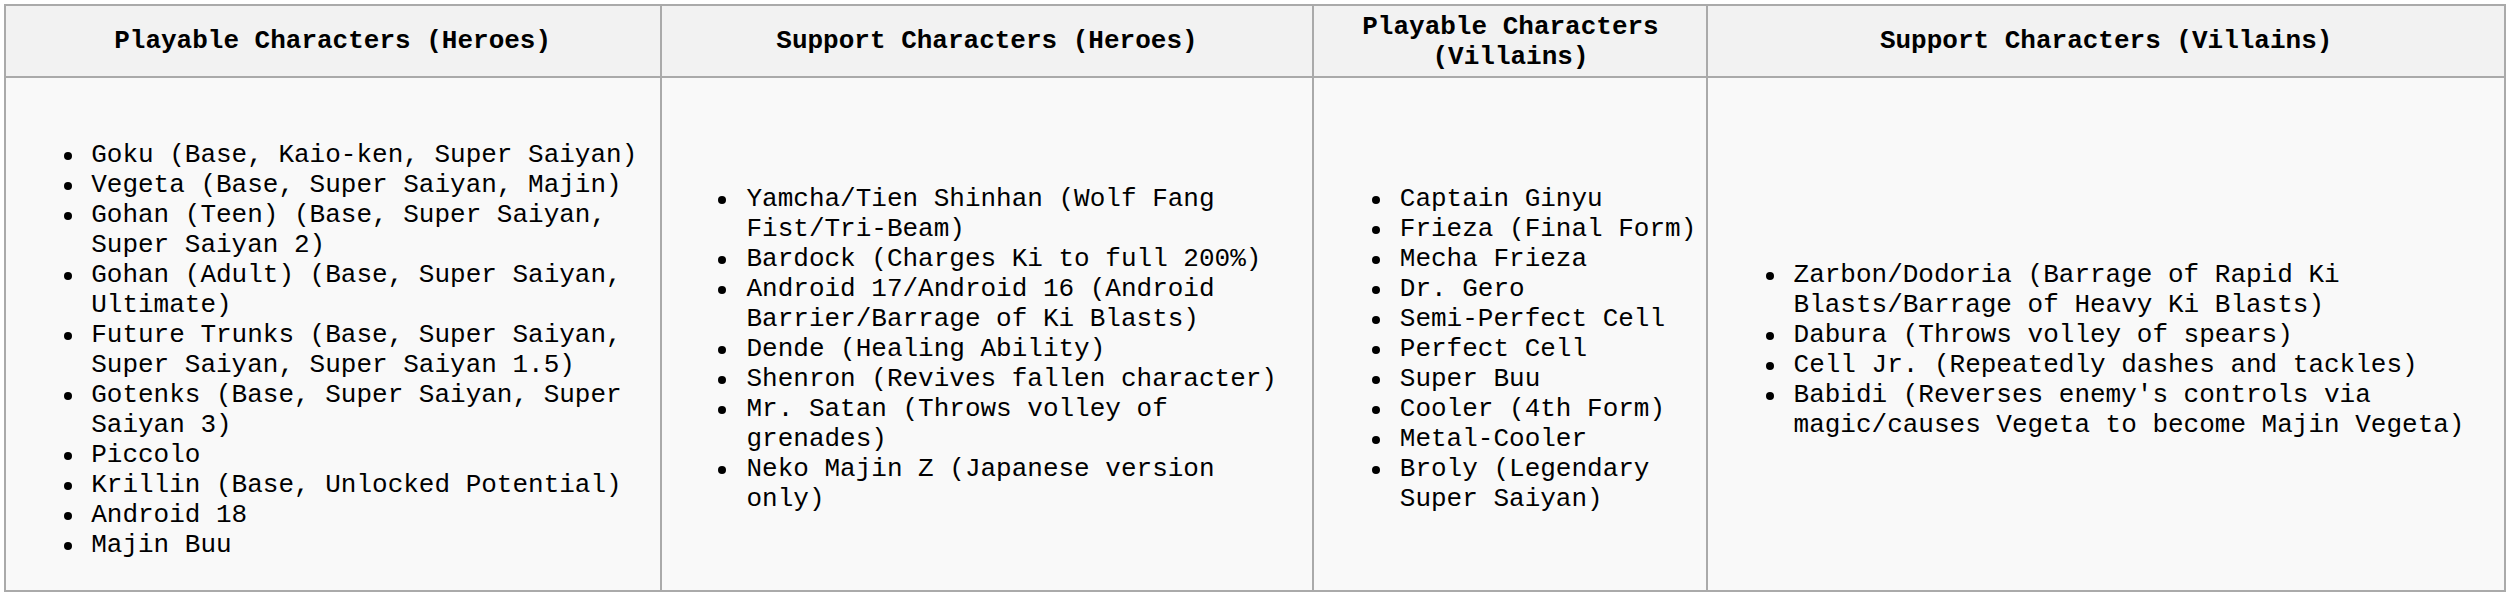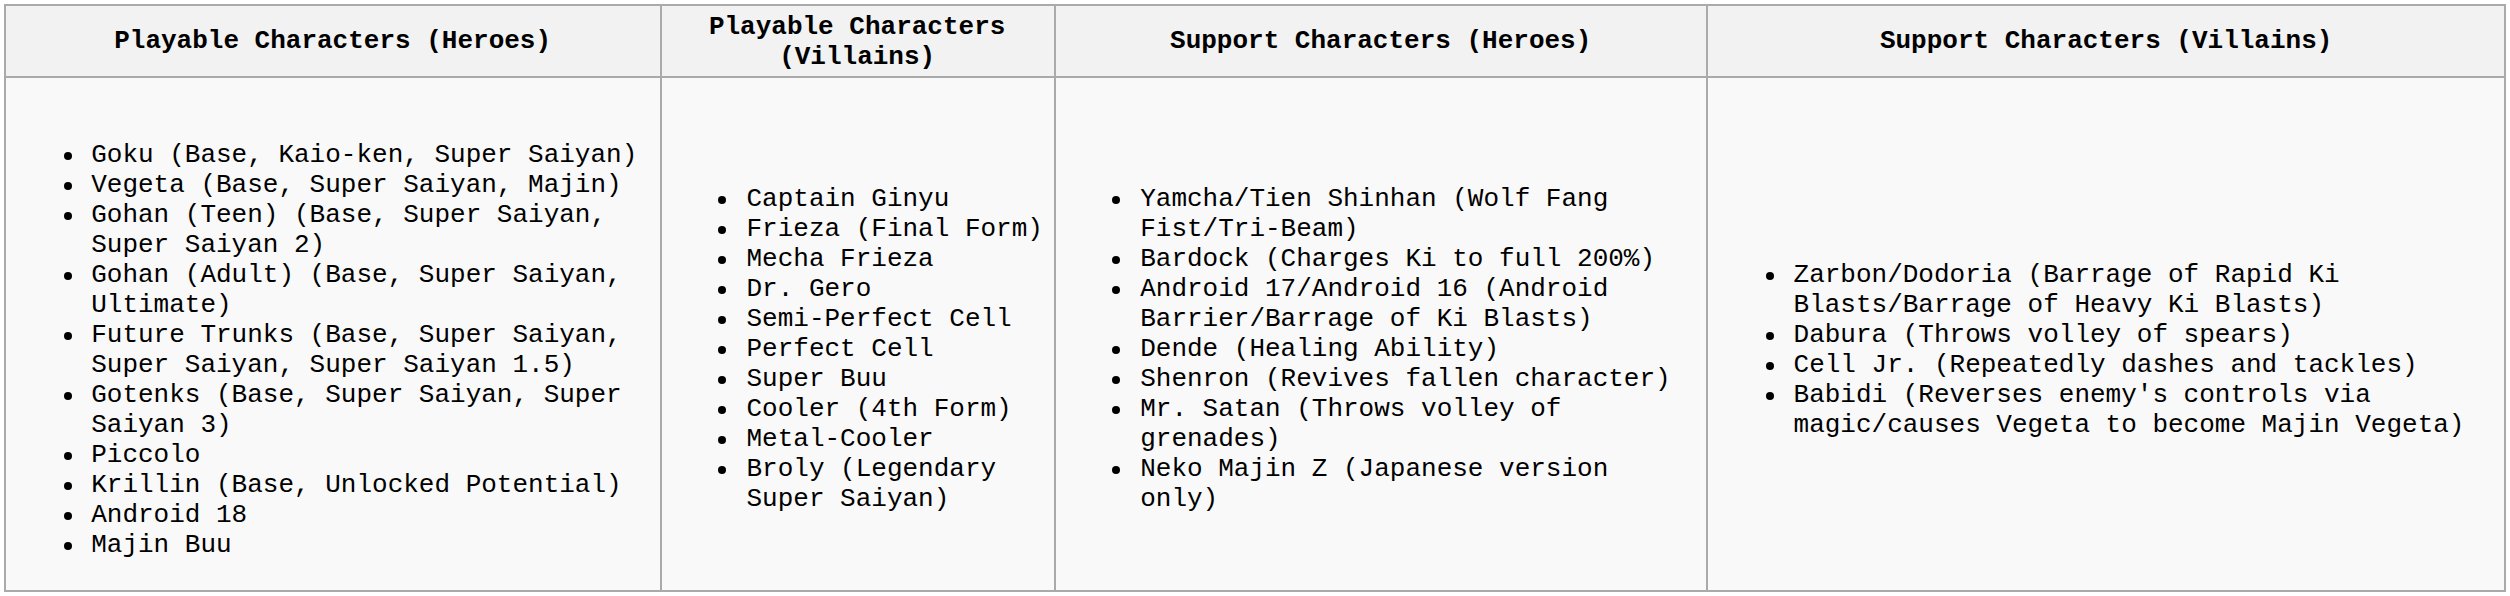 <table class="wikitable"  style="text-align:left">
 <tr>
 <th>Playable Characters (Heroes)</th>
+<th>Playable Characters (Villains)</th>
 <th>Support Characters (Heroes)</th>
-<th>Playable Characters (Villains)</th>
 <th>Support Characters (Villains)</th>
 </tr>
 <tr>
 <td><br><ul><li>Goku (Base, Kaio-ken, Super Saiyan)</li><li>Vegeta (Base, Super Saiyan, Majin)</li><li>Gohan (Teen) (Base, Super Saiyan, Super Saiyan 2)</li><li>Gohan (Adult) (Base, Super Saiyan, Ultimate)</li><li>Future Trunks (Base, Super Saiyan, Super Saiyan, Super Saiyan 1.5)</li><li>Gotenks (Base, Super Saiyan, Super Saiyan 3)</li><li>Piccolo</li><li>Krillin (Base, Unlocked Potential)</li><li>Android 18</li><li>Majin Buu</li></ul></td>
+<td><br><ul><li>Captain Ginyu</li><li>Frieza (Final Form)</li><li>Mecha Frieza</li><li>Dr. Gero</li><li>Semi-Perfect Cell</li><li>Perfect Cell</li><li>Super Buu</li><li>Cooler (4th Form)</li><li>Metal-Cooler</li><li>Broly (Legendary Super Saiyan)</li></ul></td>
 <td><br><ul><li>Yamcha/Tien Shinhan (Wolf Fang Fist/Tri-Beam)</li><li>Bardock (Charges Ki to full 200%)</li><li>Android 17/Android 16 (Android Barrier/Barrage of Ki Blasts)</li><li>Dende (Healing Ability)</li><li>Shenron (Revives fallen character)</li><li>Mr. Satan (Throws volley of grenades)</li><li>Neko Majin Z (Japanese version only)</li></ul></td>
-<td><br><ul><li>Captain Ginyu</li><li>Frieza (Final Form)</li><li>Mecha Frieza</li><li>Dr. Gero</li><li>Semi-Perfect Cell</li><li>Perfect Cell</li><li>Super Buu</li><li>Cooler (4th Form)</li><li>Metal-Cooler</li><li>Broly (Legendary Super Saiyan)</li></ul></td>
 <td><br><ul><li>Zarbon/Dodoria (Barrage of Rapid Ki Blasts/Barrage of Heavy Ki Blasts)</li><li>Dabura (Throws volley of spears)</li><li>Cell Jr. (Repeatedly dashes and tackles)</li><li>Babidi (Reverses enemy's controls via magic/causes Vegeta to become Majin Vegeta)</li></ul></td>
 </tr>
 </table>
